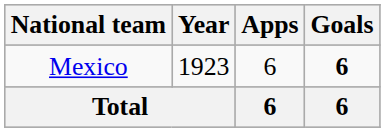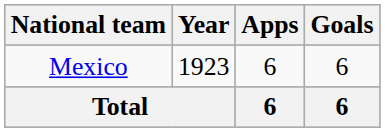 <table class="wikitable" style="text-align:center">
 <tr>
 <th>National team</th>
 <th>Year</th>
 <th>Apps</th>
 <th>Goals</th>
 </tr>
 <tr>
 <td><a href='#'>Mexico</a></td>
 <td>1923</td>
 <td>6</td>
-<td><strong>6</strong></td>
+<td>6</td>
 </tr>
 <tr>
 <th colspan=2>Total</th>
 <th>6</th>
 <th>6</th>
 </tr>
 </table>
